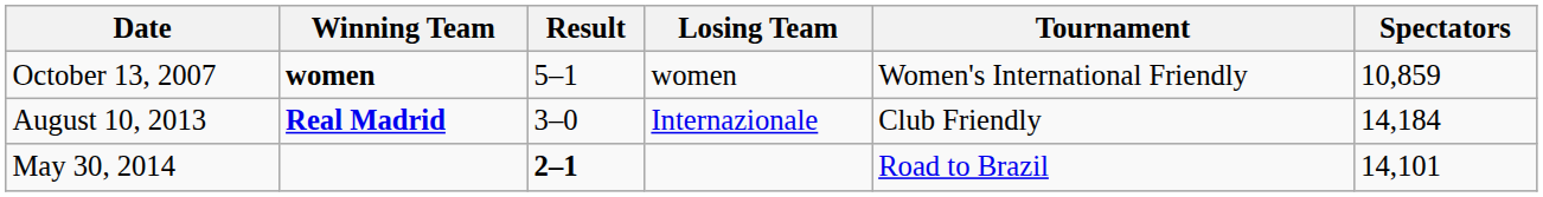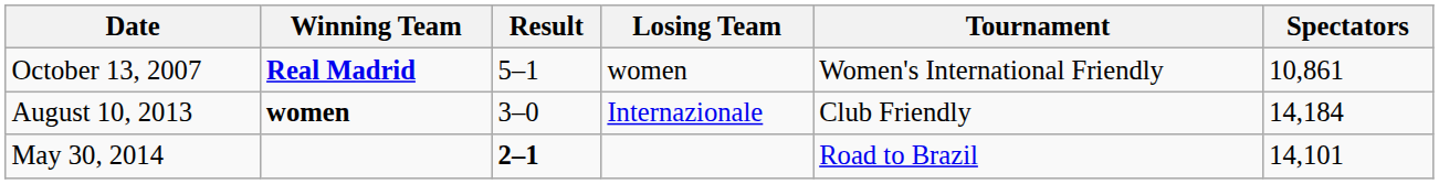 <table class="wikitable" style="text-align:left; width:95%;" style="text-align:center">
 <tr>
 <th>Date</th>
 <th>Winning Team</th>
 <th>Result</th>
 <th>Losing Team</th>
 <th>Tournament</th>
 <th>Spectators</th>
 </tr>
 <tr>
 <td>October 13, 2007</td>
-<td><strong> women</strong></td>
+<td> <strong><a href='#'>Real Madrid</a></strong></td>
 <td>5–1</td>
 <td> women</td>
 <td>Women's International Friendly</td>
-<td>10,859</td>
+<td>10,861</td>
 </tr>
 <tr>
 <td>August 10, 2013</td>
-<td> <strong><a href='#'>Real Madrid</a></strong></td>
+<td><strong> women</strong></td>
 <td>3–0</td>
 <td> <a href='#'>Internazionale</a></td>
 <td>Club Friendly</td>
 <td>14,184</td>
 </tr>
 <tr>
 <td>May 30, 2014</td>
 <td><strong></strong></td>
 <td><strong>2–1</strong></td>
 <td></td>
 <td><a href='#'>Road to Brazil</a></td>
 <td>14,101</td>
 </tr>
 </table>
